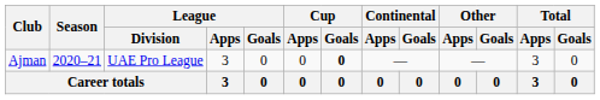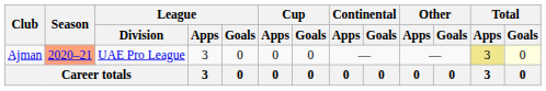 <table class="wikitable" style="text-align: center">
 <tr>
 <th rowspan="2">Club</th>
 <th rowspan="2">Season</th>
 <th colspan="3">League</th>
 <th colspan="2">Cup</th>
 <th colspan="2">Continental</th>
 <th colspan="2">Other</th>
 <th colspan="2">Total</th>
 </tr>
 <tr>
 <th>Division</th>
 <th>Apps</th>
 <th>Goals</th>
 <th>Apps</th>
 <th>Goals</th>
 <th>Apps</th>
 <th>Goals</th>
 <th>Apps</th>
 <th>Goals</th>
 <th>Apps</th>
 <th>Goals</th>
 </tr>
 <tr>
 <td rowspan=1><a href='#'>Ajman</a></td>
-<td><a href='#'>2020–21</a></td>
+<td style="background: lightsalmon;"><a href='#'>2020–21</a></td>
 <td><a href='#'>UAE Pro League</a></td>
 <td>3</td>
 <td>0</td>
 <td>0</td>
-<td><strong>0</strong></td>
+<td>0</td>
 <td colspan=2>—</td>
 <td colspan=2>—</td>
-<td>3</td>
-<td>0</td>
+<td style="background: khaki;">3</td>
+<td style="background: lightyellow;">0</td>
 </tr>
 <tr>
 <th colspan=3>Career totals</th>
 <th>3</th>
 <th>0</th>
 <th>0</th>
 <th>0</th>
 <th>0</th>
 <th>0</th>
 <th>0</th>
 <th>0</th>
 <th>3</th>
 <th>0</th>
 </tr>
 </table>
